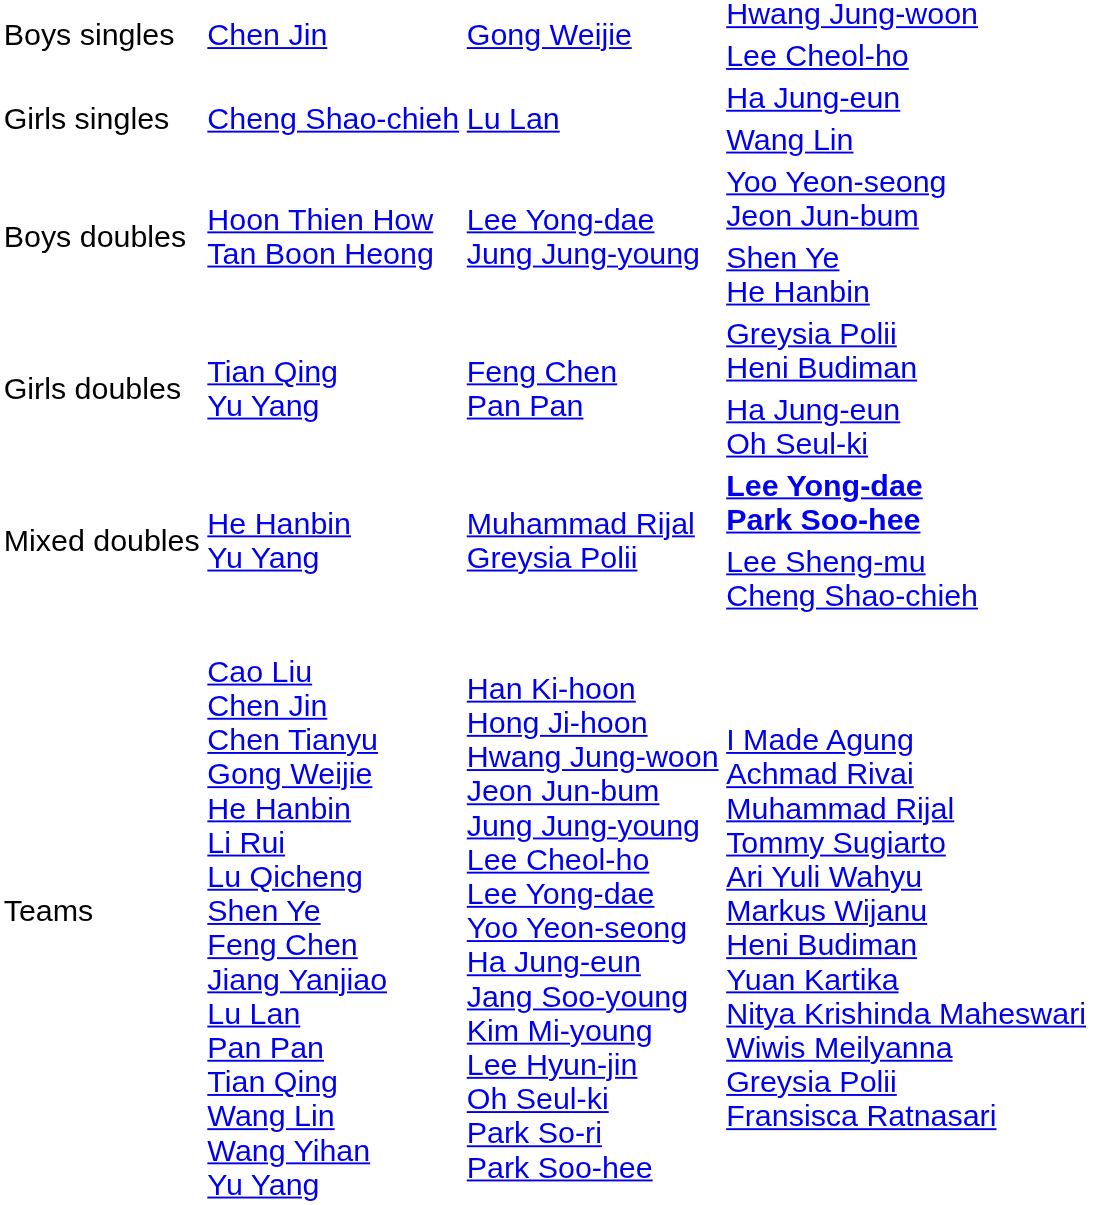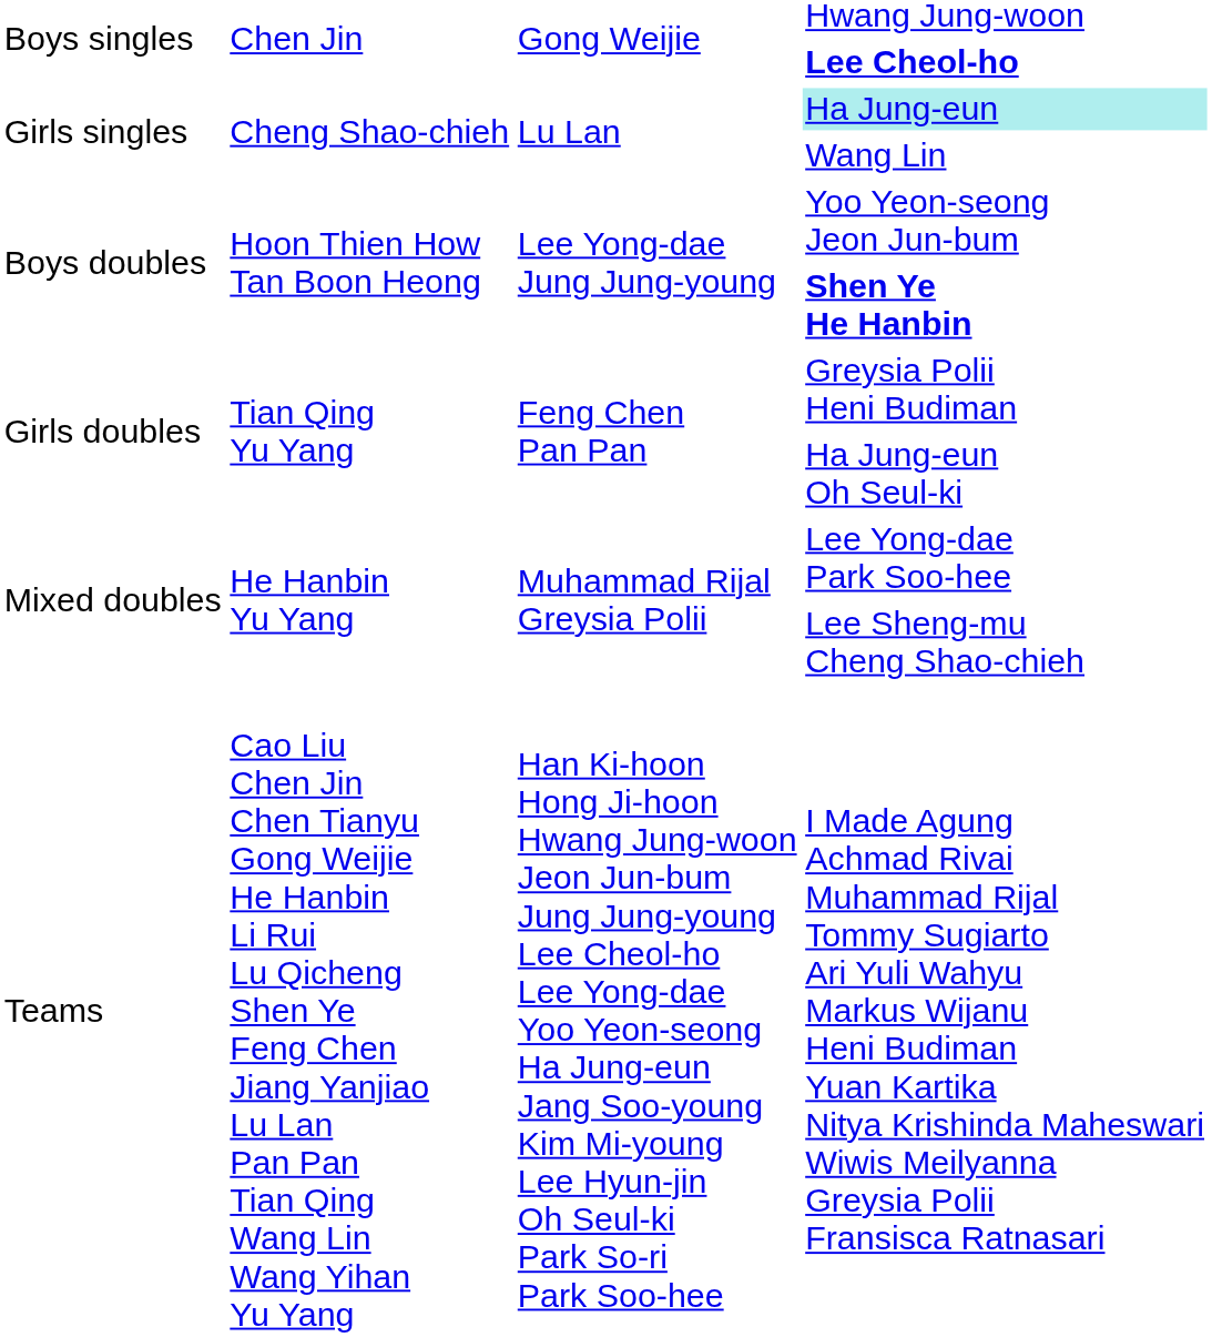 <table>
 <tr>
 <td rowspan=2>Boys singles</td>
 <td rowspan=2> <a href='#'>Chen Jin</a></td>
 <td rowspan=2> <a href='#'>Gong Weijie</a></td>
 <td> <a href='#'>Hwang Jung-woon</a></td>
 </tr>
 <tr>
-<td> <a href='#'>Lee Cheol-ho</a></td>
+<td><strong> <a href='#'>Lee Cheol-ho</a></strong></td>
 </tr>
 <tr>
 <td rowspan=2>Girls singles</td>
 <td rowspan=2> <a href='#'>Cheng Shao-chieh</a></td>
 <td rowspan=2> <a href='#'>Lu Lan</a></td>
-<td> <a href='#'>Ha Jung-eun</a></td>
+<td style="background: paleturquoise;"> <a href='#'>Ha Jung-eun</a></td>
 </tr>
 <tr>
 <td> <a href='#'>Wang Lin</a></td>
 </tr>
 <tr>
 <td rowspan=2>Boys doubles</td>
 <td rowspan=2> <a href='#'>Hoon Thien How</a><br> <a href='#'>Tan Boon Heong</a></td>
 <td rowspan=2> <a href='#'>Lee Yong-dae</a><br> <a href='#'>Jung Jung-young</a></td>
 <td> <a href='#'>Yoo Yeon-seong</a><br> <a href='#'>Jeon Jun-bum</a></td>
 </tr>
 <tr>
-<td> <a href='#'>Shen Ye</a><br> <a href='#'>He Hanbin</a></td>
+<td><strong> <a href='#'>Shen Ye</a><br> <a href='#'>He Hanbin</a></strong></td>
 </tr>
 <tr>
 <td rowspan=2>Girls doubles</td>
 <td rowspan=2> <a href='#'>Tian Qing</a><br>  <a href='#'>Yu Yang</a></td>
 <td rowspan=2> <a href='#'>Feng Chen</a><br>  <a href='#'>Pan Pan</a></td>
 <td> <a href='#'>Greysia Polii</a><br>  <a href='#'>Heni Budiman</a></td>
 </tr>
 <tr>
 <td> <a href='#'>Ha Jung-eun</a><br>  <a href='#'>Oh Seul-ki</a></td>
 </tr>
 <tr>
 <td rowspan=2>Mixed doubles</td>
 <td rowspan=2> <a href='#'>He Hanbin</a><br>  <a href='#'>Yu Yang</a></td>
 <td rowspan=2> <a href='#'>Muhammad Rijal</a><br>  <a href='#'>Greysia Polii</a></td>
-<td><strong> <a href='#'>Lee Yong-dae</a><br>  <a href='#'>Park Soo-hee</a></strong></td>
+<td> <a href='#'>Lee Yong-dae</a><br>  <a href='#'>Park Soo-hee</a></td>
 </tr>
 <tr>
 <td> <a href='#'>Lee Sheng-mu</a><br>  <a href='#'>Cheng Shao-chieh</a></td>
 </tr>
 <tr>
 <td>Teams</td>
 <td><br><a href='#'>Cao Liu</a><br><a href='#'>Chen Jin</a><br><a href='#'>Chen Tianyu</a><br><a href='#'>Gong Weijie</a><br><a href='#'>He Hanbin</a><br><a href='#'>Li Rui</a><br><a href='#'>Lu Qicheng</a><br><a href='#'>Shen Ye</a><br><a href='#'>Feng Chen</a><br><a href='#'>Jiang Yanjiao</a><br><a href='#'>Lu Lan</a><br><a href='#'>Pan Pan</a><br><a href='#'>Tian Qing</a><br><a href='#'>Wang Lin</a><br><a href='#'>Wang Yihan</a><br><a href='#'>Yu Yang</a></td>
 <td><br><a href='#'>Han Ki-hoon</a><br><a href='#'>Hong Ji-hoon</a><br><a href='#'>Hwang Jung-woon</a><br><a href='#'>Jeon Jun-bum</a><br><a href='#'>Jung Jung-young</a><br><a href='#'>Lee Cheol-ho</a><br><a href='#'>Lee Yong-dae</a><br><a href='#'>Yoo Yeon-seong</a><br><a href='#'>Ha Jung-eun</a><br><a href='#'>Jang Soo-young</a><br><a href='#'>Kim Mi-young</a><br><a href='#'>Lee Hyun-jin</a><br><a href='#'>Oh Seul-ki</a><br><a href='#'>Park So-ri</a><br><a href='#'>Park Soo-hee</a></td>
 <td><br><a href='#'>I Made Agung</a><br><a href='#'>Achmad Rivai</a><br><a href='#'>Muhammad Rijal</a><br><a href='#'>Tommy Sugiarto</a><br><a href='#'>Ari Yuli Wahyu</a><br><a href='#'>Markus Wijanu</a><br><a href='#'>Heni Budiman</a><br><a href='#'>Yuan Kartika</a><br><a href='#'>Nitya Krishinda Maheswari</a><br><a href='#'>Wiwis Meilyanna</a><br><a href='#'>Greysia Polii</a><br><a href='#'>Fransisca Ratnasari</a></td>
 </tr>
 </table>
